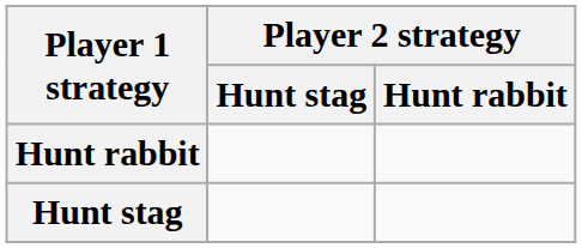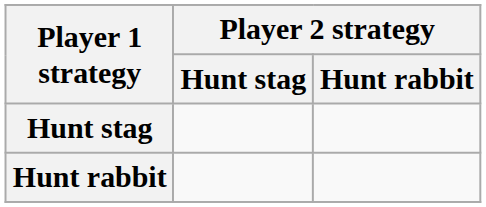 <table class="wikitable floatright" style="text-align:center; font-size:95%; margin-left:1em; margin-bottom:1ex">
 <tr>
 <th scope="col" rowspan="2">Player 1<br> strategy</th>
 <th scope="col" colspan="4">Player 2 strategy</th>
 </tr>
 <tr>
 <th scope="col">Hunt stag</th>
 <th scope="col">Hunt rabbit</th>
 </tr>
 <tr>
+<th scope="row">Hunt stag</th>
+<td></td>
+<td></td>
+</tr>
+<tr>
 <th scope="row">Hunt rabbit</th>
 <td></td>
 <td></td>
 </tr>
-<tr>
-<th scope="row">Hunt stag</th>
-<td></td>
-<td></td>
-</tr>
 </table>
